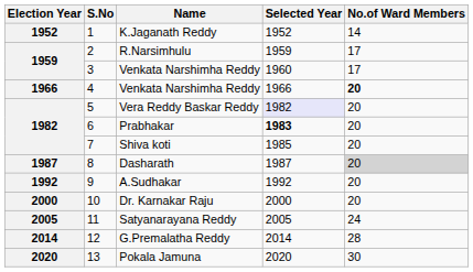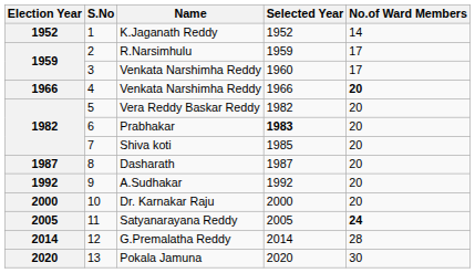 <table class="wikitable">
 <tr>
 <th>Election Year</th>
 <th>S.No</th>
 <th>Name</th>
 <th>Selected Year</th>
 <th>No.of Ward Members</th>
 </tr>
 <tr>
 <th rowspan=1>1952</th>
 <td>1</td>
 <td>K.Jaganath Reddy</td>
 <td>1952</td>
 <td>14</td>
 </tr>
 <tr>
 <th rowspan=2>1959</th>
 <td>2</td>
 <td>R.Narsimhulu</td>
 <td>1959</td>
 <td>17</td>
 </tr>
 <tr>
 <td>3</td>
 <td>Venkata Narshimha Reddy</td>
 <td>1960</td>
 <td>17</td>
 </tr>
 <tr>
 <th rowspan=1>1966</th>
 <td>4</td>
 <td>Venkata Narshimha Reddy</td>
 <td>1966</td>
 <td><strong>20</strong></td>
 </tr>
 <tr>
 <th rowspan=3>1982</th>
 <td>5</td>
 <td>Vera Reddy Baskar Reddy</td>
-<td style="background: lavender;">1982</td>
+<td>1982</td>
 <td>20</td>
 </tr>
 <tr>
 <td>6</td>
 <td>Prabhakar</td>
 <td><strong>1983</strong></td>
 <td>20</td>
 </tr>
 <tr>
 <td>7</td>
 <td>Shiva koti</td>
 <td>1985</td>
 <td>20</td>
 </tr>
 <tr>
 <th rowspan=1>1987</th>
 <td>8</td>
 <td>Dasharath</td>
 <td>1987</td>
-<td style="background: lightgrey;">20</td>
+<td>20</td>
 </tr>
 <tr>
 <th rowspan=1>1992</th>
 <td>9</td>
 <td>A.Sudhakar</td>
 <td>1992</td>
 <td>20</td>
 </tr>
 <tr>
 <th rowspan=1>2000</th>
 <td>10</td>
 <td>Dr. Karnakar Raju</td>
 <td>2000</td>
 <td>20</td>
 </tr>
 <tr>
 <th rowspan=1>2005</th>
 <td>11</td>
 <td>Satyanarayana Reddy</td>
 <td>2005</td>
-<td>24</td>
+<td><strong>24</strong></td>
 </tr>
 <tr>
 <th rowspan=1>2014</th>
 <td>12</td>
 <td>G.Premalatha Reddy</td>
 <td>2014</td>
 <td>28</td>
 </tr>
 <tr>
 <th rowspan=1>2020</th>
 <td>13</td>
 <td>Pokala Jamuna</td>
 <td>2020</td>
 <td>30</td>
 </tr>
 </table>
